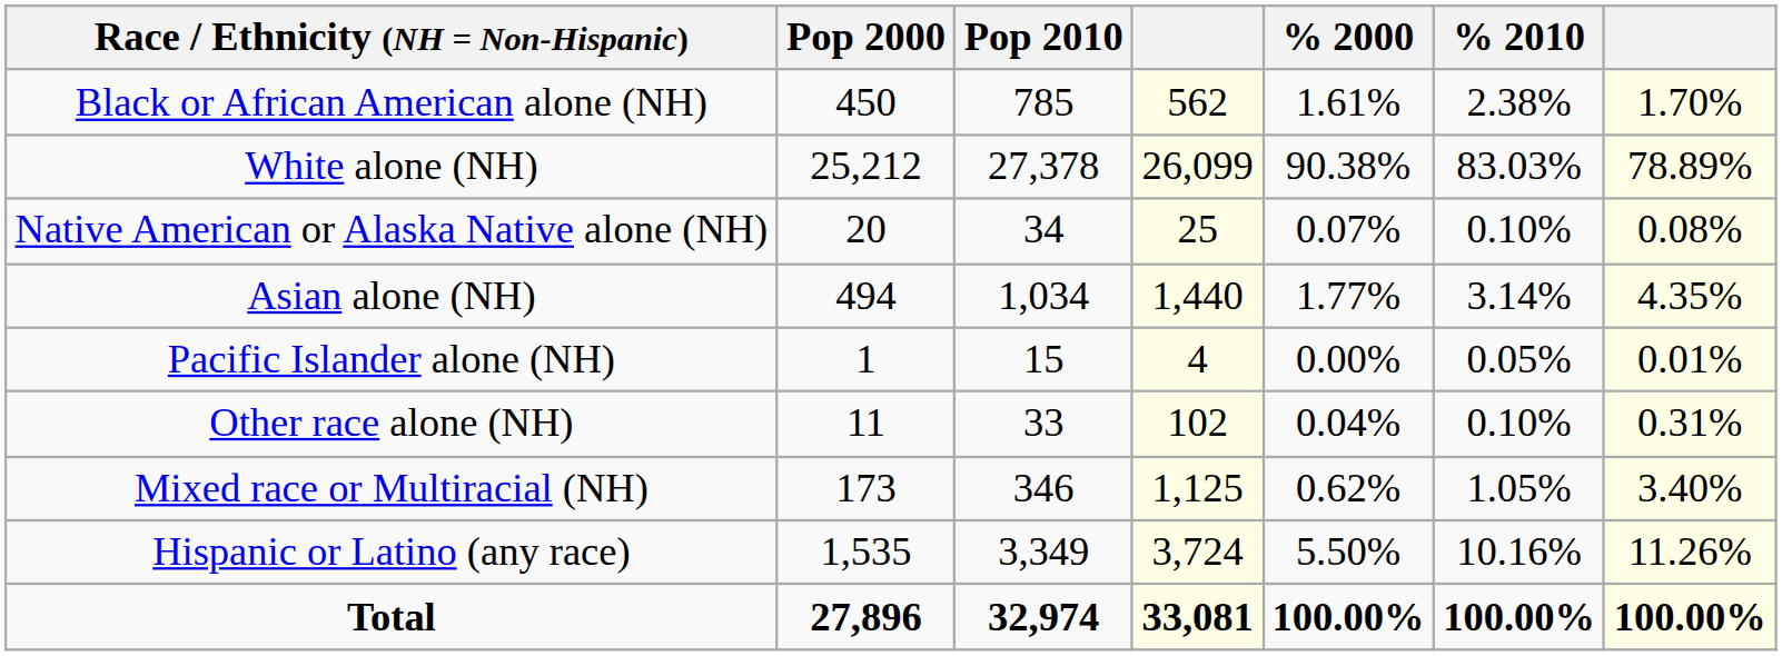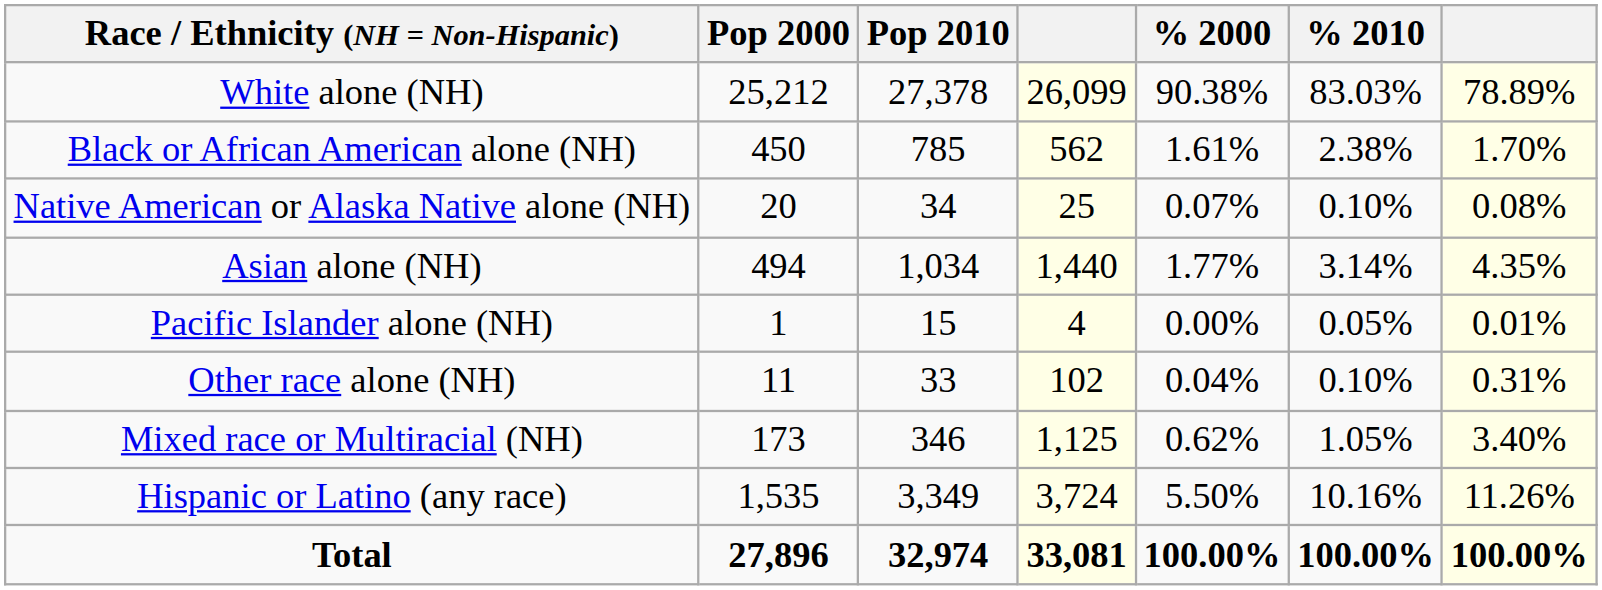 <table class="wikitable" style="text-align:center;">
 <tr>
 <th>Race / Ethnicity <small>(<em>NH = Non-Hispanic</em>)</small></th>
 <th>Pop 2000</th>
 <th>Pop 2010</th>
 <th></th>
 <th>% 2000</th>
 <th>% 2010</th>
 <th></th>
 </tr>
 <tr>
+<td><a href='#'>White</a> alone (NH)</td>
+<td>25,212</td>
+<td>27,378</td>
+<td style='background: #ffffe6;'>26,099</td>
+<td>90.38%</td>
+<td>83.03%</td>
+<td style='background: #ffffe6;'>78.89%</td>
+</tr>
+<tr>
 <td><a href='#'>Black or African American</a> alone (NH)</td>
 <td>450</td>
 <td>785</td>
 <td style='background: #ffffe6;'>562</td>
 <td>1.61%</td>
 <td>2.38%</td>
 <td style='background: #ffffe6;'>1.70%</td>
-</tr>
-<tr>
-<td><a href='#'>White</a> alone (NH)</td>
-<td>25,212</td>
-<td>27,378</td>
-<td style='background: #ffffe6;'>26,099</td>
-<td>90.38%</td>
-<td>83.03%</td>
-<td style='background: #ffffe6;'>78.89%</td>
 </tr>
 <tr>
 <td><a href='#'>Native American</a> or <a href='#'>Alaska Native</a> alone (NH)</td>
 <td>20</td>
 <td>34</td>
 <td style='background: #ffffe6;'>25</td>
 <td>0.07%</td>
 <td>0.10%</td>
 <td style='background: #ffffe6;'>0.08%</td>
 </tr>
 <tr>
 <td><a href='#'>Asian</a> alone (NH)</td>
 <td>494</td>
 <td>1,034</td>
 <td style='background: #ffffe6;'>1,440</td>
 <td>1.77%</td>
 <td>3.14%</td>
 <td style='background: #ffffe6;'>4.35%</td>
 </tr>
 <tr>
 <td><a href='#'>Pacific Islander</a> alone (NH)</td>
 <td>1</td>
 <td>15</td>
 <td style='background: #ffffe6;'>4</td>
 <td>0.00%</td>
 <td>0.05%</td>
 <td style='background: #ffffe6;'>0.01%</td>
 </tr>
 <tr>
 <td><a href='#'>Other race</a> alone (NH)</td>
 <td>11</td>
 <td>33</td>
 <td style='background: #ffffe6;'>102</td>
 <td>0.04%</td>
 <td>0.10%</td>
 <td style='background: #ffffe6;'>0.31%</td>
 </tr>
 <tr>
 <td><a href='#'>Mixed race or Multiracial</a> (NH)</td>
 <td>173</td>
 <td>346</td>
 <td style='background: #ffffe6;'>1,125</td>
 <td>0.62%</td>
 <td>1.05%</td>
 <td style='background: #ffffe6;'>3.40%</td>
 </tr>
 <tr>
 <td><a href='#'>Hispanic or Latino</a> (any race)</td>
 <td>1,535</td>
 <td>3,349</td>
 <td style='background: #ffffe6;'>3,724</td>
 <td>5.50%</td>
 <td>10.16%</td>
 <td style='background: #ffffe6;'>11.26%</td>
 </tr>
 <tr>
 <td><strong>Total</strong></td>
 <td><strong>27,896</strong></td>
 <td><strong>32,974</strong></td>
 <td style='background: #ffffe6;'><strong>33,081</strong></td>
 <td><strong>100.00%</strong></td>
 <td><strong>100.00%</strong></td>
 <td style='background: #ffffe6;'><strong>100.00%</strong></td>
 </tr>
 </table>
